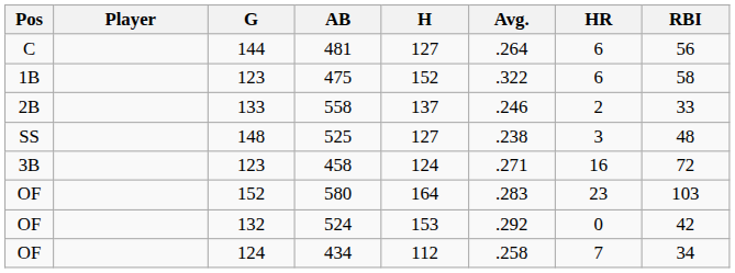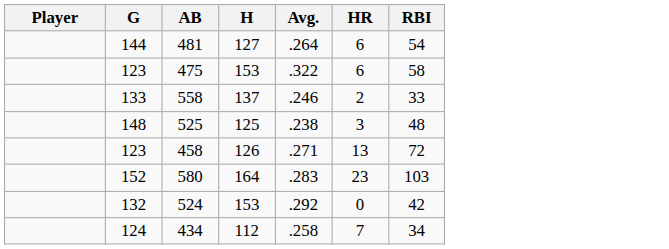 <table class="wikitable sortable">
 <tr>
-<th bgcolor="#DDDDFF" width="5%">Pos</th>
 <th bgcolor="#DDDDFF" width="16%">Player</th>
 <th bgcolor="#DDDDFF" width="9%">G</th>
 <th bgcolor="#DDDDFF" width="9%">AB</th>
 <th bgcolor="#DDDDFF" width="9%">H</th>
 <th bgcolor="#DDDDFF" width="9%">Avg.</th>
 <th bgcolor="#DDDDFF" width="9%">HR</th>
 <th bgcolor="#DDDDFF" width="9%">RBI</th>
 </tr>
 <tr align="center">
-<td>C</td>
 <td></td>
 <td>144</td>
 <td>481</td>
 <td>127</td>
 <td>.264</td>
 <td>6</td>
-<td>56</td>
+<td>54</td>
 </tr>
 <tr align="center">
-<td>1B</td>
 <td></td>
 <td>123</td>
 <td>475</td>
-<td>152</td>
+<td>153</td>
 <td>.322</td>
 <td>6</td>
 <td>58</td>
 </tr>
 <tr align="center">
-<td>2B</td>
 <td></td>
 <td>133</td>
 <td>558</td>
 <td>137</td>
 <td>.246</td>
 <td>2</td>
 <td>33</td>
 </tr>
 <tr align="center">
-<td>SS</td>
 <td></td>
 <td>148</td>
 <td>525</td>
-<td>127</td>
+<td>125</td>
 <td>.238</td>
 <td>3</td>
 <td>48</td>
 </tr>
 <tr align="center">
-<td>3B</td>
 <td></td>
 <td>123</td>
 <td>458</td>
-<td>124</td>
+<td>126</td>
 <td>.271</td>
-<td>16</td>
+<td>13</td>
 <td>72</td>
 </tr>
 <tr align="center">
-<td>OF</td>
 <td></td>
 <td>152</td>
 <td>580</td>
 <td>164</td>
 <td>.283</td>
 <td>23</td>
 <td>103</td>
 </tr>
 <tr align="center">
-<td>OF</td>
 <td></td>
 <td>132</td>
 <td>524</td>
 <td>153</td>
 <td>.292</td>
 <td>0</td>
 <td>42</td>
 </tr>
 <tr align="center">
-<td>OF</td>
 <td></td>
 <td>124</td>
 <td>434</td>
 <td>112</td>
 <td>.258</td>
 <td>7</td>
 <td>34</td>
 </tr>
 </table>
